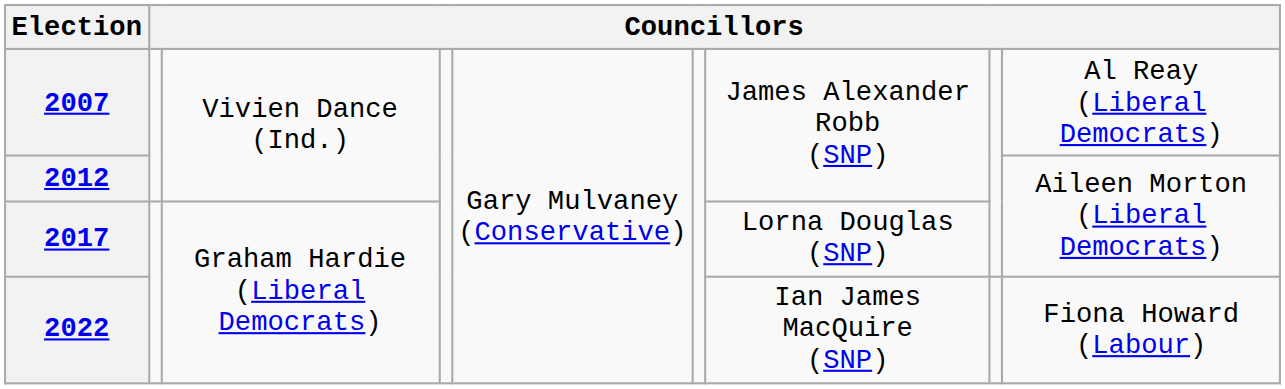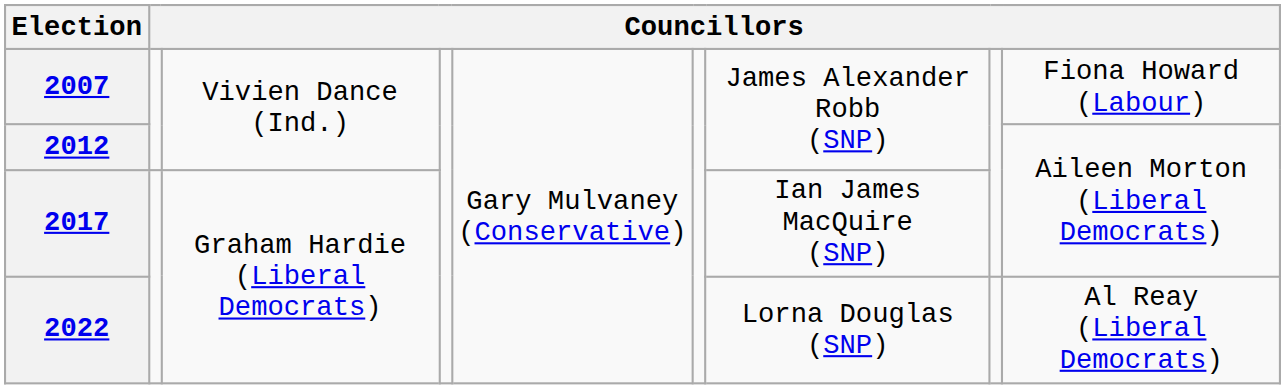 <table class="wikitable" style="text-align:center">
 <tr>
 <th>Election</th>
 <th colspan=8>Councillors</th>
 </tr>
 <tr>
 <th><a href='#'>2007</a></th>
 <td rowspan=2; style="background-color: "></td>
 <td rowspan=2>Vivien Dance<br>(Ind.)</td>
 <td rowspan=4; style="background-color: "></td>
 <td rowspan=4>Gary Mulvaney<br>(<a href='#'>Conservative</a>)</td>
 <td rowspan=4; style="background-color: "></td>
 <td rowspan=2>James Alexander Robb<br>(<a href='#'>SNP</a>)</td>
 <td rowspan=3; style="background-color: "></td>
-<td rowspan=1>Al Reay<br>(<a href='#'>Liberal Democrats</a>)</td>
+<td rowspan=1>Fiona Howard<br>(<a href='#'>Labour</a>)</td>
 </tr>
 <tr>
 <th><a href='#'>2012</a></th>
 <td rowspan=2>Aileen Morton<br>(<a href='#'>Liberal Democrats</a>)</td>
 </tr>
 <tr>
 <th><a href='#'>2017</a></th>
 <td rowspan=2; style="background-color: "></td>
 <td rowspan=2>Graham Hardie<br>(<a href='#'>Liberal Democrats</a>)</td>
-<td rowspan=1>Lorna Douglas<br>(<a href='#'>SNP</a>)</td>
+<td rowspan=1>Ian James MacQuire<br>(<a href='#'>SNP</a>)</td>
 </tr>
 <tr>
 <th><a href='#'>2022</a></th>
-<td rowspan=1>Ian James MacQuire<br>(<a href='#'>SNP</a>)</td>
+<td rowspan=1>Lorna Douglas<br>(<a href='#'>SNP</a>)</td>
 <td rowspan=1; style="background-color: "></td>
-<td rowspan=1>Fiona Howard<br>(<a href='#'>Labour</a>)</td>
+<td rowspan=1>Al Reay<br>(<a href='#'>Liberal Democrats</a>)</td>
 </tr>
 </table>
